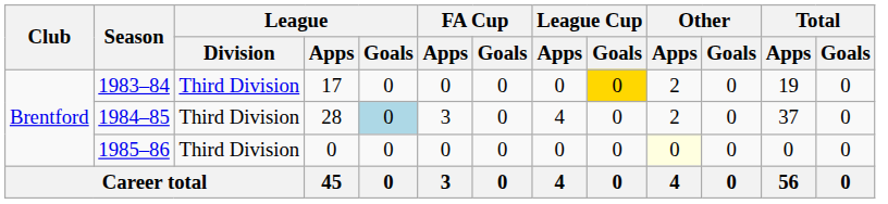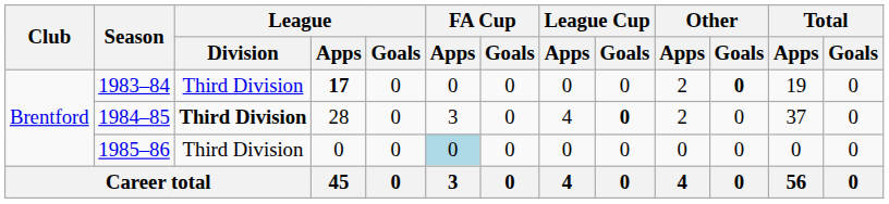 <table class="wikitable" style="text-align: center;">
 <tr>
 <th rowspan="2">Club</th>
 <th rowspan="2">Season</th>
 <th colspan="3">League</th>
 <th colspan="2">FA Cup</th>
 <th colspan="2">League Cup</th>
 <th colspan="2">Other</th>
 <th colspan="2">Total</th>
 </tr>
 <tr>
 <th>Division</th>
 <th>Apps</th>
 <th>Goals</th>
 <th>Apps</th>
 <th>Goals</th>
 <th>Apps</th>
 <th>Goals</th>
 <th>Apps</th>
 <th>Goals</th>
 <th>Apps</th>
 <th>Goals</th>
 </tr>
 <tr>
 <td rowspan="3"><a href='#'>Brentford</a></td>
 <td><a href='#'>1983–84</a></td>
 <td><a href='#'>Third Division</a></td>
-<td>17</td>
+<td><strong>17</strong></td>
 <td>0</td>
 <td>0</td>
 <td>0</td>
 <td>0</td>
-<td style="background: gold;">0</td>
+<td>0</td>
 <td>2</td>
-<td>0</td>
+<td><strong>0</strong></td>
 <td>19</td>
 <td>0</td>
 </tr>
 <tr>
 <td><a href='#'>1984–85</a></td>
-<td>Third Division</td>
+<td><strong>Third Division</strong></td>
 <td>28</td>
-<td style="background: lightblue;">0</td>
+<td>0</td>
 <td>3</td>
 <td>0</td>
 <td>4</td>
-<td>0</td>
+<td><strong>0</strong></td>
 <td>2</td>
 <td>0</td>
 <td>37</td>
 <td>0</td>
 </tr>
 <tr>
 <td><a href='#'>1985–86</a></td>
 <td>Third Division</td>
 <td>0</td>
 <td>0</td>
+<td style="background: lightblue;">0</td>
 <td>0</td>
 <td>0</td>
 <td>0</td>
 <td>0</td>
-<td style="background: lightyellow;">0</td>
 <td>0</td>
 <td>0</td>
 <td>0</td>
 </tr>
 <tr>
 <th colspan="3">Career total</th>
 <th>45</th>
 <th>0</th>
 <th>3</th>
 <th>0</th>
 <th>4</th>
 <th>0</th>
 <th>4</th>
 <th>0</th>
 <th>56</th>
 <th>0</th>
 </tr>
 </table>
